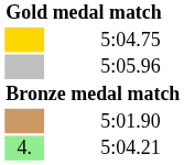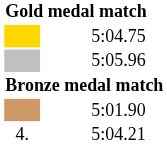 <table style="text-align:center">
 <tr>
 <td colspan=4 align=left><strong>Gold medal match</strong></td>
 </tr>
 <tr>
 <td width=30 bgcolor=gold></td>
 <td align=left></td>
 <td width=80>5:04.75</td>
 </tr>
 <tr>
 <td bgcolor=silver></td>
 <td align=left></td>
 <td>5:05.96</td>
 </tr>
 <tr>
 <td colspan=4 align=left><strong>Bronze medal match</strong></td>
 </tr>
 <tr>
 <td bgcolor=cc9966></td>
 <td align=left></td>
 <td>5:01.90</td>
 </tr>
 <tr>
-<td style="background: lightgreen;">4.</td>
+<td>4.</td>
 <td align=left></td>
 <td>5:04.21</td>
 </tr>
 </table>
